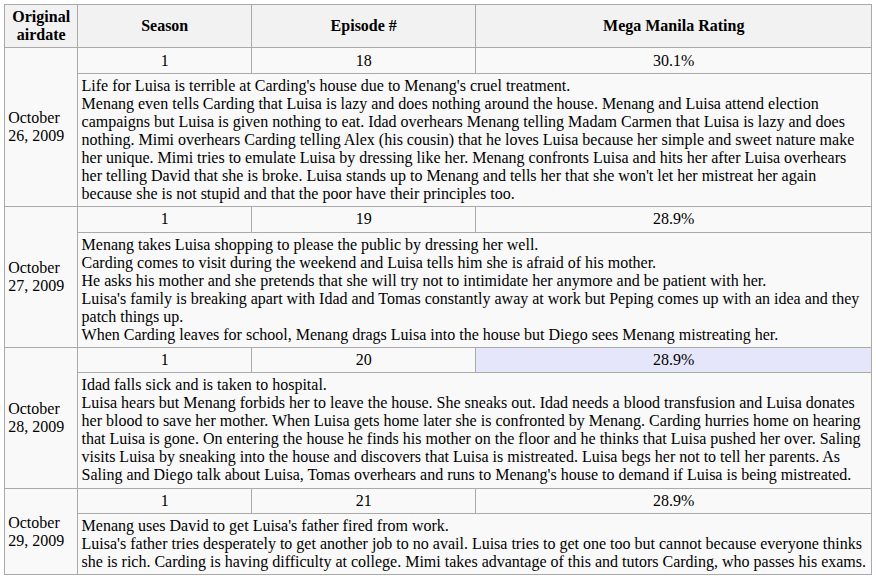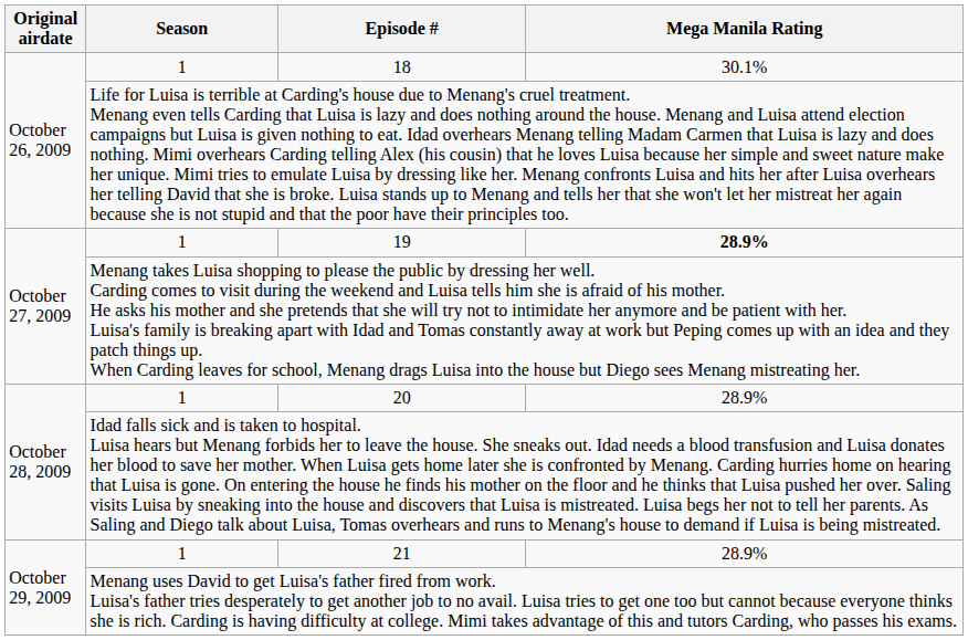 <table class="wikitable">
 <tr>
 <th>Original airdate</th>
 <th>Season</th>
 <th>Episode #</th>
 <th>Mega Manila Rating</th>
 </tr>
 <tr>
 <td rowspan="2">October 26, 2009</td>
 <td align="center">1</td>
 <td align="center">18</td>
 <td align="center">30.1%</td>
 </tr>
 <tr>
 <td colspan="5">Life for Luisa is terrible at Carding's house due to Menang's cruel treatment.<br>Menang even tells Carding that Luisa is lazy and does nothing around the house. Menang and Luisa attend election campaigns but Luisa is given nothing to eat. Idad overhears Menang telling Madam Carmen that Luisa is lazy and does nothing.  Mimi overhears Carding telling Alex (his cousin) that he loves Luisa because her simple and sweet nature make her unique. Mimi tries to emulate Luisa by dressing like her. Menang confronts Luisa and hits her after Luisa overhears her telling David that she is broke.  Luisa stands up to Menang and tells her that she won't let her mistreat her again because she is not stupid and that the poor have their principles too.</td>
 </tr>
 <tr>
 </tr>
 <tr>
 <td rowspan="2">October 27, 2009</td>
 <td align="center">1</td>
 <td align="center">19</td>
-<td align="center">28.9%</td>
+<td align="center"><strong>28.9%</strong></td>
 </tr>
 <tr>
 <td colspan="5">Menang takes Luisa shopping to please the public by dressing her well.<br>Carding comes to visit during the weekend and Luisa tells him she is afraid of his mother.<br>He asks his mother and she pretends that she will try not to intimidate her anymore and be patient with her.<br>Luisa's family is breaking apart with Idad and Tomas constantly away at work but Peping comes up with an idea and they patch things up.<br>When Carding leaves for school, Menang drags Luisa into the house but Diego sees Menang mistreating her.</td>
 </tr>
 <tr>
 <td rowspan="2">October 28, 2009</td>
 <td align="center">1</td>
 <td align="center">20</td>
-<td align="center" style="background: lavender;">28.9%</td>
+<td align="center">28.9%</td>
 </tr>
 <tr>
 <td colspan="5">Idad falls sick and is taken to hospital.<br>Luisa hears but Menang forbids her to leave the house. She sneaks out. Idad needs a blood transfusion and Luisa donates her blood to save her mother. When Luisa gets home later she is confronted by Menang. Carding hurries home on hearing that Luisa is gone. On entering the house he finds his mother on the floor and he thinks that Luisa pushed her over. Saling visits Luisa by sneaking into the house and discovers that Luisa is mistreated. Luisa begs her not to tell her parents. As Saling and Diego talk about Luisa, Tomas overhears and runs to Menang's house to demand if Luisa is being mistreated.</td>
 </tr>
 <tr>
 <td rowspan="2">October 29, 2009</td>
 <td align="center">1</td>
 <td align="center">21</td>
 <td align="center">28.9%</td>
 </tr>
 <tr>
 <td colspan="5">Menang uses David to get Luisa's father fired from work.<br>Luisa's father tries desperately to get another job to no avail. Luisa tries to get one too but cannot because everyone thinks she is rich. Carding is having difficulty at college. Mimi takes advantage of this and tutors Carding, who passes his exams.</td>
 </tr>
 <tr>
 </tr>
 </table>
